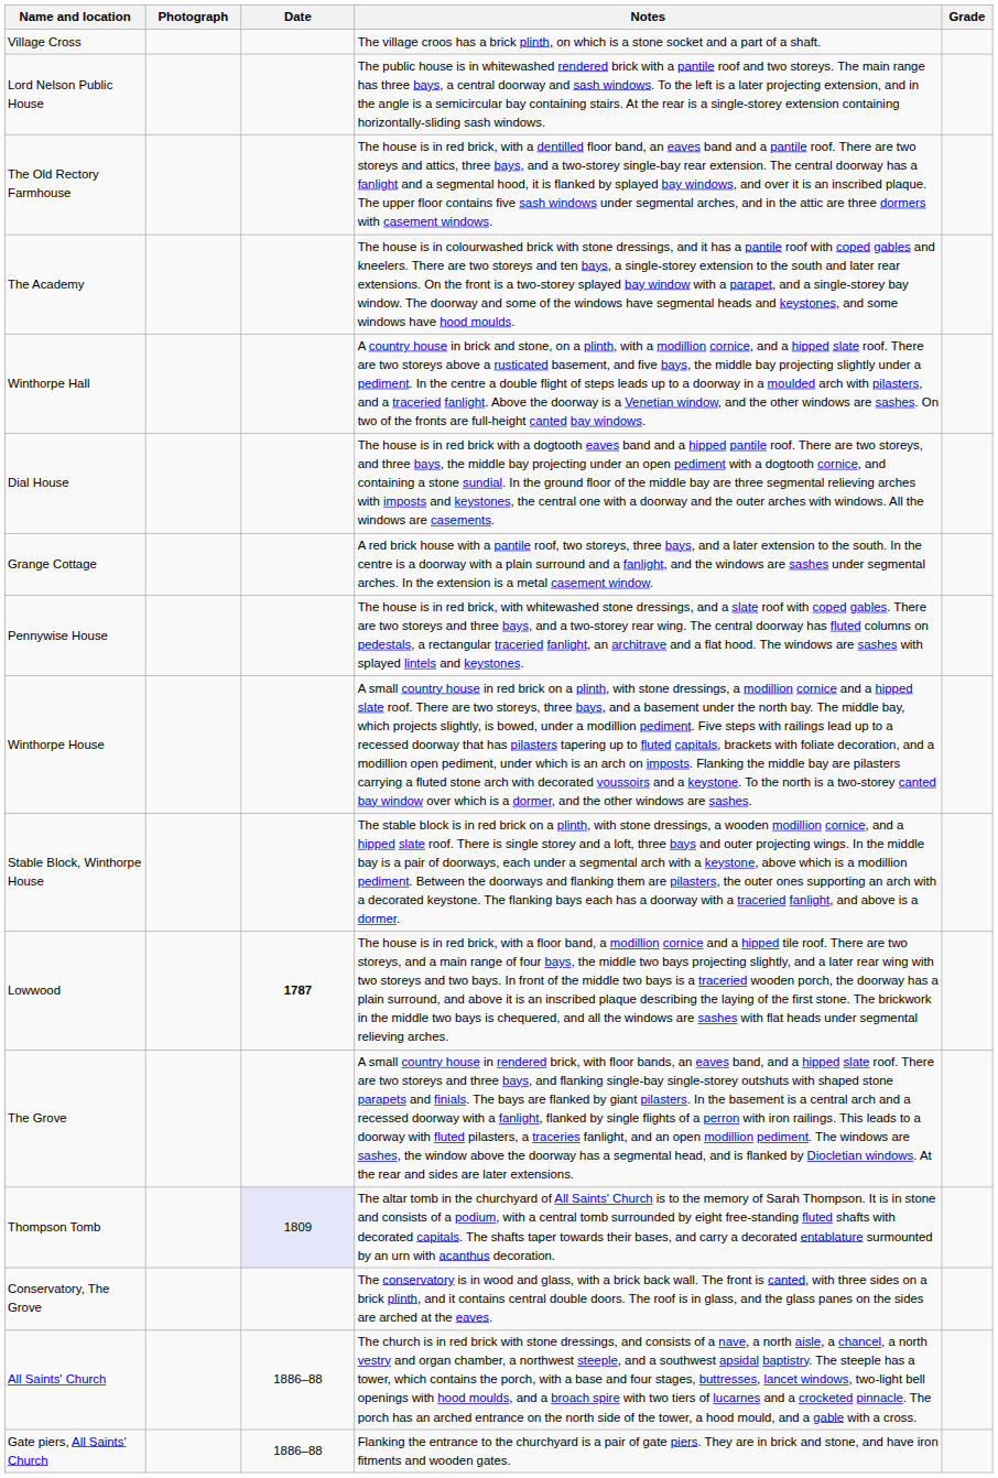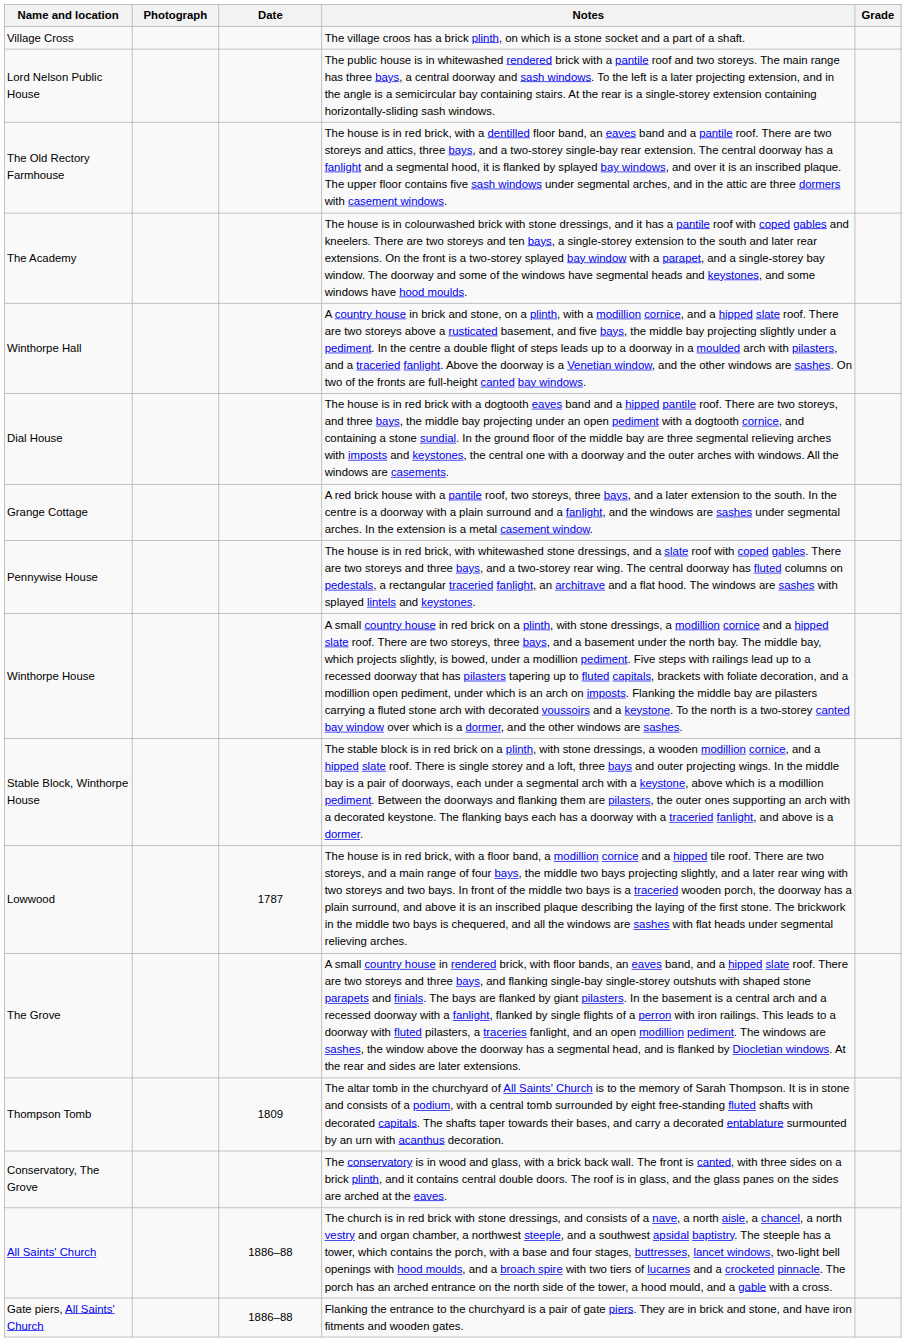 <table class="wikitable sortable plainrowheaders" style="width:100%; border:0px; text-align:left; line-height:150%">
 <tr>
 <th scope="col"  style="width:150px">Name and location</th>
 <th scope="col"  style="width:100px" class="unsortable">Photograph</th>
 <th scope="col"  style="width:120px">Date</th>
 <th scope="col"  style="width:650px" class="unsortable">Notes</th>
 <th scope="col"  style="width:50px">Grade</th>
 </tr>
 <tr>
 <td>Village Cross<br><small></small></td>
 <td></td>
 <td align="center"></td>
 <td>The village croos has a brick <a href='#'>plinth</a>, on which is a stone socket and a part of a shaft.</td>
 <td align="center" ></td>
 </tr>
 <tr>
 <td>Lord Nelson Public House<br><small></small></td>
 <td></td>
 <td align="center"></td>
 <td>The public house is in whitewashed <a href='#'>rendered</a> brick with a <a href='#'>pantile</a> roof and two storeys.  The main range has three <a href='#'>bays</a>, a central doorway and <a href='#'>sash windows</a>.  To the left is a later projecting extension, and in the angle is a semicircular bay containing stairs.  At the rear is a single-storey extension containing horizontally-sliding sash windows.</td>
 <td align="center" ></td>
 </tr>
 <tr>
 <td>The Old Rectory Farmhouse<br><small></small></td>
 <td></td>
 <td align="center"></td>
 <td>The house is in red brick, with a <a href='#'>dentilled</a> floor band, an <a href='#'>eaves</a> band and a <a href='#'>pantile</a> roof.  There are two storeys and attics, three <a href='#'>bays</a>, and a two-storey single-bay rear extension.  The central doorway has a <a href='#'>fanlight</a> and a segmental hood, it is flanked by splayed <a href='#'>bay windows</a>, and over it is an inscribed plaque.  The upper floor contains five <a href='#'>sash windows</a> under segmental arches, and in the attic are three <a href='#'>dormers</a> with <a href='#'>casement windows</a>.</td>
 <td align="center" ></td>
 </tr>
 <tr>
 <td>The Academy<br><small></small></td>
 <td></td>
 <td align="center"></td>
 <td>The house is in colourwashed brick with stone dressings, and it has a <a href='#'>pantile</a> roof with <a href='#'>coped</a> <a href='#'>gables</a> and kneelers.  There are two storeys and ten <a href='#'>bays</a>,  a single-storey extension to the south and later rear extensions.  On the front is a two-storey splayed <a href='#'>bay window</a> with a <a href='#'>parapet</a>, and a single-storey bay window.  The doorway and some of the windows have segmental heads and <a href='#'>keystones</a>, and some windows have <a href='#'>hood moulds</a>.</td>
 <td align="center" ></td>
 </tr>
 <tr>
 <td>Winthorpe Hall<br><small></small></td>
 <td></td>
 <td align="center"></td>
 <td>A <a href='#'>country house</a> in brick and stone, on a <a href='#'>plinth</a>, with a <a href='#'>modillion</a> <a href='#'>cornice</a>, and a <a href='#'>hipped</a> <a href='#'>slate</a> roof.  There are two storeys above a <a href='#'>rusticated</a> basement, and five <a href='#'>bays</a>, the middle bay projecting slightly under a <a href='#'>pediment</a>.  In the centre a double flight of steps leads up to a doorway in a <a href='#'>moulded</a> arch with <a href='#'>pilasters</a>, and a <a href='#'>traceried</a> <a href='#'>fanlight</a>.  Above the doorway is a <a href='#'>Venetian window</a>, and the other windows are <a href='#'>sashes</a>.  On two of the fronts are full-height <a href='#'>canted</a> <a href='#'>bay windows</a>.</td>
 <td align="center" ></td>
 </tr>
 <tr>
 <td>Dial House<br><small></small></td>
 <td></td>
 <td align="center"></td>
 <td>The house is in red brick with a dogtooth <a href='#'>eaves</a> band and a <a href='#'>hipped</a> <a href='#'>pantile</a> roof.  There are two storeys, and three <a href='#'>bays</a>, the middle bay projecting under an open <a href='#'>pediment</a> with a dogtooth <a href='#'>cornice</a>, and containing a stone <a href='#'>sundial</a>.  In the ground floor of the middle bay are three segmental relieving arches with <a href='#'>imposts</a> and <a href='#'>keystones</a>, the central one with a doorway and the outer arches with windows.  All the windows are <a href='#'>casements</a>.</td>
 <td align="center" ></td>
 </tr>
 <tr>
 <td>Grange Cottage<br><small></small></td>
 <td></td>
 <td align="center"></td>
 <td>A red brick house with a <a href='#'>pantile</a> roof, two storeys, three <a href='#'>bays</a>, and a later extension to the south.  In the centre is a doorway with a plain surround and a <a href='#'>fanlight</a>, and the windows are <a href='#'>sashes</a> under segmental arches.  In the extension is a metal <a href='#'>casement window</a>.</td>
 <td align="center" ></td>
 </tr>
 <tr>
 <td>Pennywise House<br><small></small></td>
 <td></td>
 <td align="center"></td>
 <td>The house is in red brick, with whitewashed stone dressings, and a <a href='#'>slate</a> roof with <a href='#'>coped</a> <a href='#'>gables</a>.  There are two storeys and three <a href='#'>bays</a>, and a two-storey rear wing.  The central doorway has <a href='#'>fluted</a> columns on <a href='#'>pedestals</a>, a rectangular <a href='#'>traceried</a> <a href='#'>fanlight</a>, an <a href='#'>architrave</a> and a flat hood.  The windows are <a href='#'>sashes</a> with splayed <a href='#'>lintels</a> and <a href='#'>keystones</a>.</td>
 <td align="center" ></td>
 </tr>
 <tr>
 <td>Winthorpe House<br><small></small></td>
 <td></td>
 <td align="center"></td>
 <td>A small <a href='#'>country house</a> in red brick on a <a href='#'>plinth</a>, with stone dressings, a <a href='#'>modillion</a> <a href='#'>cornice</a> and a <a href='#'>hipped</a> <a href='#'>slate</a> roof.  There are two storeys, three <a href='#'>bays</a>, and a basement under the north bay.  The middle bay, which projects slightly, is bowed, under a modillion <a href='#'>pediment</a>.  Five steps with railings lead up to a recessed doorway that has <a href='#'>pilasters</a> tapering up to <a href='#'>fluted</a> <a href='#'>capitals</a>, brackets with foliate decoration, and a modillion open pediment, under which is an arch on <a href='#'>imposts</a>.  Flanking the middle bay are pilasters carrying a fluted stone arch with decorated <a href='#'>voussoirs</a> and a <a href='#'>keystone</a>.  To the north is a two-storey <a href='#'>canted</a> <a href='#'>bay window</a> over which is a <a href='#'>dormer</a>, and the other windows are <a href='#'>sashes</a>.</td>
 <td align="center" ></td>
 </tr>
 <tr>
 <td>Stable Block, Winthorpe House<br><small></small></td>
 <td></td>
 <td align="center"></td>
 <td>The stable block is in red brick on a <a href='#'>plinth</a>, with stone dressings, a wooden <a href='#'>modillion</a> <a href='#'>cornice</a>, and a <a href='#'>hipped</a> <a href='#'>slate</a> roof.  There is  single storey and a loft, three <a href='#'>bays</a> and outer projecting wings.  In the middle bay is a pair of doorways, each under a segmental arch with a <a href='#'>keystone</a>, above which is a modillion <a href='#'>pediment</a>.  Between the doorways and flanking them are <a href='#'>pilasters</a>, the outer ones supporting an arch with a decorated keystone.  The flanking bays each has a doorway with a <a href='#'>traceried</a> <a href='#'>fanlight</a>, and above is a <a href='#'>dormer</a>.</td>
 <td align="center" ></td>
 </tr>
 <tr>
 <td>Lowwood<br><small></small></td>
 <td></td>
-<td align="center"><strong>1787</strong></td>
+<td align="center">1787</td>
 <td>The house is in red brick, with a floor band, a <a href='#'>modillion</a> <a href='#'>cornice</a> and a <a href='#'>hipped</a> tile roof.  There are two storeys, and a main range of four <a href='#'>bays</a>, the middle two bays projecting slightly, and a later rear wing with two storeys and two bays.  In front of the middle two bays is a <a href='#'>traceried</a> wooden porch, the doorway has a plain surround, and above it is an inscribed plaque describing the laying of the first stone.  The brickwork in the middle two bays is chequered, and all the windows are <a href='#'>sashes</a> with flat heads under segmental relieving arches.</td>
 <td align="center" ></td>
 </tr>
 <tr>
 <td>The Grove<br><small></small></td>
 <td></td>
 <td align="center"></td>
 <td>A small <a href='#'>country house</a> in <a href='#'>rendered</a> brick, with floor bands, an <a href='#'>eaves</a> band, and a <a href='#'>hipped</a> <a href='#'>slate</a> roof.  There are two storeys and three <a href='#'>bays</a>, and flanking single-bay single-storey outshuts with shaped stone <a href='#'>parapets</a> and <a href='#'>finials</a>.  The bays are flanked by giant <a href='#'>pilasters</a>.  In the basement is a central arch and a recessed doorway with a <a href='#'>fanlight</a>, flanked by single flights of a <a href='#'>perron</a> with iron railings.  This leads to a doorway with <a href='#'>fluted</a> pilasters, a <a href='#'>traceries</a> fanlight, and an open <a href='#'>modillion</a> <a href='#'>pediment</a>. The windows are <a href='#'>sashes</a>, the window above the doorway has a segmental head, and is flanked by <a href='#'>Diocletian windows</a>.  At the rear and sides are later extensions.</td>
 <td align="center" ></td>
 </tr>
 <tr>
 <td>Thompson Tomb<br><small></small></td>
 <td></td>
-<td align="center" style="background: lavender;">1809</td>
+<td align="center">1809</td>
 <td>The altar tomb in the churchyard of <a href='#'>All Saints' Church</a> is to the memory of Sarah Thompson.  It is in stone and consists of a <a href='#'>podium</a>, with a central tomb surrounded by eight free-standing <a href='#'>fluted</a> shafts with decorated <a href='#'>capitals</a>.  The shafts taper towards their bases, and carry a decorated <a href='#'>entablature</a> surmounted by an urn with <a href='#'>acanthus</a> decoration.</td>
 <td align="center" ></td>
 </tr>
 <tr>
 <td>Conservatory, The Grove<br><small></small></td>
 <td></td>
 <td align="center"></td>
 <td>The <a href='#'>conservatory</a> is in wood and glass, with a brick back wall.  The front is <a href='#'>canted</a>, with three sides on a brick <a href='#'>plinth</a>, and it contains central double doors.  The roof is in glass, and the glass panes on the sides are arched at the <a href='#'>eaves</a>.</td>
 <td align="center" ></td>
 </tr>
 <tr>
 <td><a href='#'>All Saints' Church</a><br><small></small></td>
 <td></td>
 <td align="center">1886–88</td>
 <td>The church is in red brick with stone dressings, and consists of a <a href='#'>nave</a>, a north <a href='#'>aisle</a>, a <a href='#'>chancel</a>, a north <a href='#'>vestry</a> and organ chamber, a northwest <a href='#'>steeple</a>, and a southwest <a href='#'>apsidal</a> <a href='#'>baptistry</a>.  The steeple has a tower, which contains the porch, with a base and four stages, <a href='#'>buttresses</a>, <a href='#'>lancet windows</a>, two-light bell openings with <a href='#'>hood moulds</a>, and a <a href='#'>broach spire</a> with two tiers of <a href='#'>lucarnes</a> and a <a href='#'>crocketed</a> <a href='#'>pinnacle</a>.  The porch has an arched entrance on the north side of the tower, a hood mould, and a <a href='#'>gable</a> with a cross.</td>
 <td align="center" ></td>
 </tr>
 <tr>
 <td>Gate piers, <a href='#'>All Saints' Church</a><br><small></small></td>
 <td></td>
 <td align="center">1886–88</td>
 <td>Flanking the entrance to the churchyard is a pair of gate <a href='#'>piers</a>.  They are in brick and stone, and have iron fitments and wooden gates.</td>
 <td align="center" ></td>
 </tr>
 <tr>
 </tr>
 </table>
